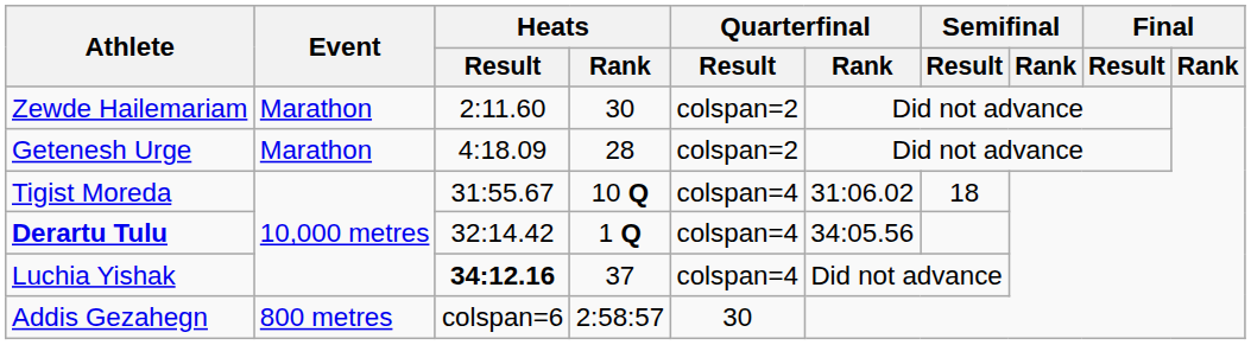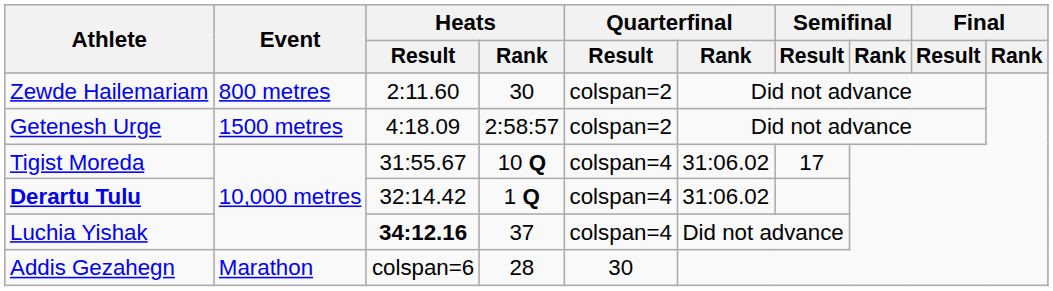 <table class="wikitable" style="font-size:90%">
 <tr>
 <th rowspan="2">Athlete</th>
 <th rowspan="2">Event</th>
 <th colspan="2">Heats</th>
 <th colspan="2">Quarterfinal</th>
 <th colspan="2">Semifinal</th>
 <th colspan="2">Final</th>
 </tr>
 <tr style="font-size:95%">
 <th>Result</th>
 <th>Rank</th>
 <th>Result</th>
 <th>Rank</th>
 <th>Result</th>
 <th>Rank</th>
 <th>Result</th>
 <th>Rank</th>
 </tr>
 <tr align=center>
 <td align=left><a href='#'>Zewde Hailemariam</a></td>
-<td align=left><a href='#'>Marathon</a></td>
+<td align=left><a href='#'>800 metres</a></td>
 <td>2:11.60</td>
 <td>30</td>
 <td>colspan=2</td>
 <td colspan=4>Did not advance</td>
 </tr>
 <tr align=center>
 <td align=left><a href='#'>Getenesh Urge</a></td>
-<td align=left><a href='#'>Marathon</a></td>
+<td align=left><a href='#'>1500 metres</a></td>
 <td>4:18.09</td>
-<td>28</td>
+<td>2:58:57</td>
 <td>colspan=2</td>
 <td colspan=4>Did not advance</td>
 </tr>
 <tr align=center>
 <td align=left><a href='#'>Tigist Moreda</a></td>
 <td align=left rowspan=3><a href='#'>10,000 metres</a></td>
 <td>31:55.67</td>
 <td>10 <strong>Q</strong></td>
 <td>colspan=4</td>
 <td>31:06.02</td>
-<td>18</td>
+<td>17</td>
 </tr>
 <tr align=center>
 <td align=left><strong><a href='#'>Derartu Tulu</a></strong></td>
 <td>32:14.42</td>
 <td>1 <strong>Q</strong></td>
 <td>colspan=4</td>
-<td>34:05.56</td>
+<td>31:06.02</td>
 <td></td>
 </tr>
 <tr align=center>
 <td align=left><a href='#'>Luchia Yishak</a></td>
 <td><strong>34:12.16</strong></td>
 <td>37</td>
 <td>colspan=4</td>
 <td colspan=2>Did not advance</td>
 </tr>
 <tr align=center>
 <td align=left><a href='#'>Addis Gezahegn</a></td>
-<td align=left><a href='#'>800 metres</a></td>
+<td align=left><a href='#'>Marathon</a></td>
 <td>colspan=6</td>
-<td>2:58:57</td>
+<td>28</td>
 <td>30</td>
 </tr>
 </table>
